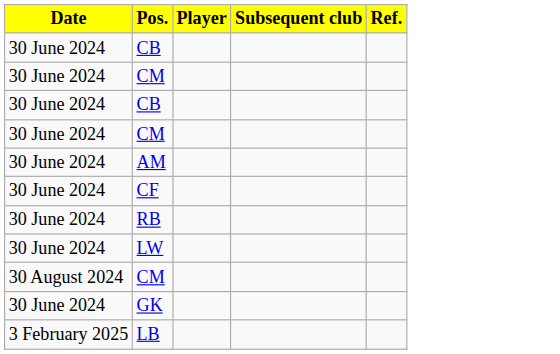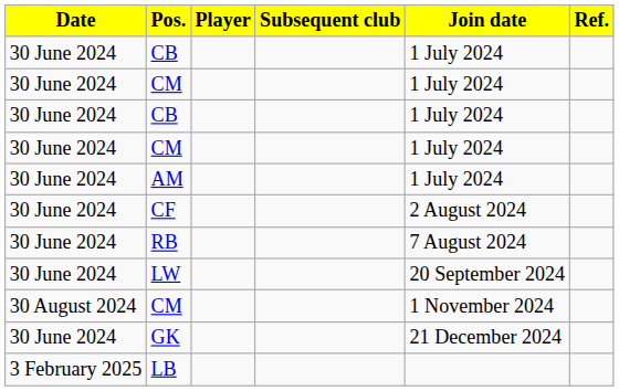 <table class="wikitable plainrowheaders sortable">
 <tr>
 <th style="background:yellow;">Date</th>
 <th style="background:yellow;">Pos.</th>
 <th style="background:yellow;">Player</th>
 <th style="background:yellow;">Subsequent club</th>
+<th style="background:yellow;">Join date</th>
 <th style="background:yellow;">Ref.</th>
 </tr>
 <tr>
 <td>30 June 2024</td>
 <td><a href='#'>CB</a></td>
 <td></td>
 <td></td>
+<td>1 July 2024</td>
 <td></td>
 </tr>
 <tr>
 <td>30 June 2024</td>
 <td><a href='#'>CM</a></td>
 <td></td>
 <td></td>
+<td>1 July 2024</td>
 <td></td>
 </tr>
 <tr>
 <td>30 June 2024</td>
 <td><a href='#'>CB</a></td>
 <td></td>
 <td></td>
+<td>1 July 2024</td>
 <td></td>
 </tr>
 <tr>
 <td>30 June 2024</td>
 <td><a href='#'>CM</a></td>
 <td></td>
 <td></td>
+<td>1 July 2024</td>
 <td></td>
 </tr>
 <tr>
 <td>30 June 2024</td>
 <td><a href='#'>AM</a></td>
 <td></td>
 <td></td>
+<td>1 July 2024</td>
 <td></td>
 </tr>
 <tr>
 <td>30 June 2024</td>
 <td><a href='#'>CF</a></td>
 <td></td>
 <td></td>
+<td>2 August 2024</td>
 <td></td>
 </tr>
 <tr>
 <td>30 June 2024</td>
 <td><a href='#'>RB</a></td>
 <td></td>
 <td></td>
+<td>7 August 2024</td>
 <td></td>
 </tr>
 <tr>
 <td>30 June 2024</td>
 <td><a href='#'>LW</a></td>
 <td></td>
 <td></td>
+<td>20 September 2024</td>
 <td></td>
 </tr>
 <tr>
 <td>30 August 2024</td>
 <td><a href='#'>CM</a></td>
 <td></td>
 <td></td>
+<td>1 November 2024</td>
 <td></td>
 </tr>
 <tr>
 <td>30 June 2024</td>
 <td><a href='#'>GK</a></td>
 <td></td>
 <td></td>
+<td>21 December 2024</td>
 <td></td>
 </tr>
 <tr>
 <td>3 February 2025</td>
 <td><a href='#'>LB</a></td>
 <td></td>
 <td></td>
 <td></td>
+<td></td>
 </tr>
 </table>
